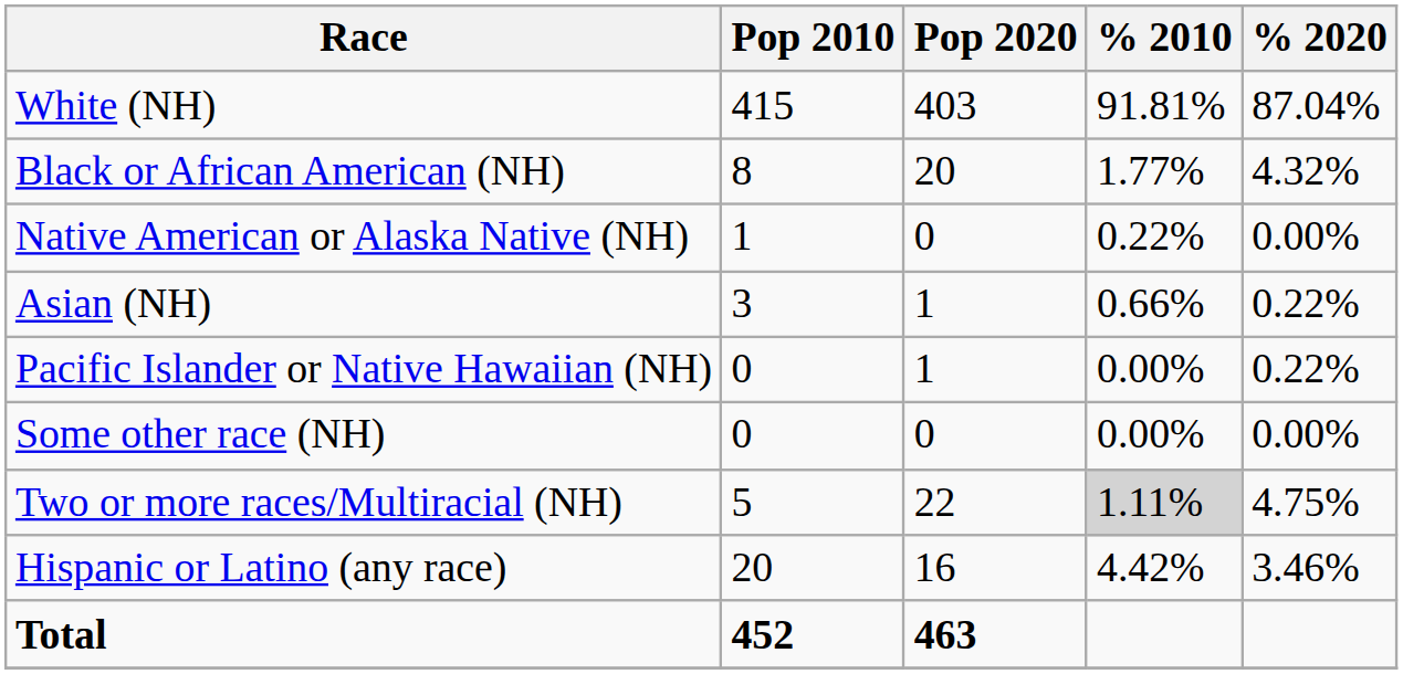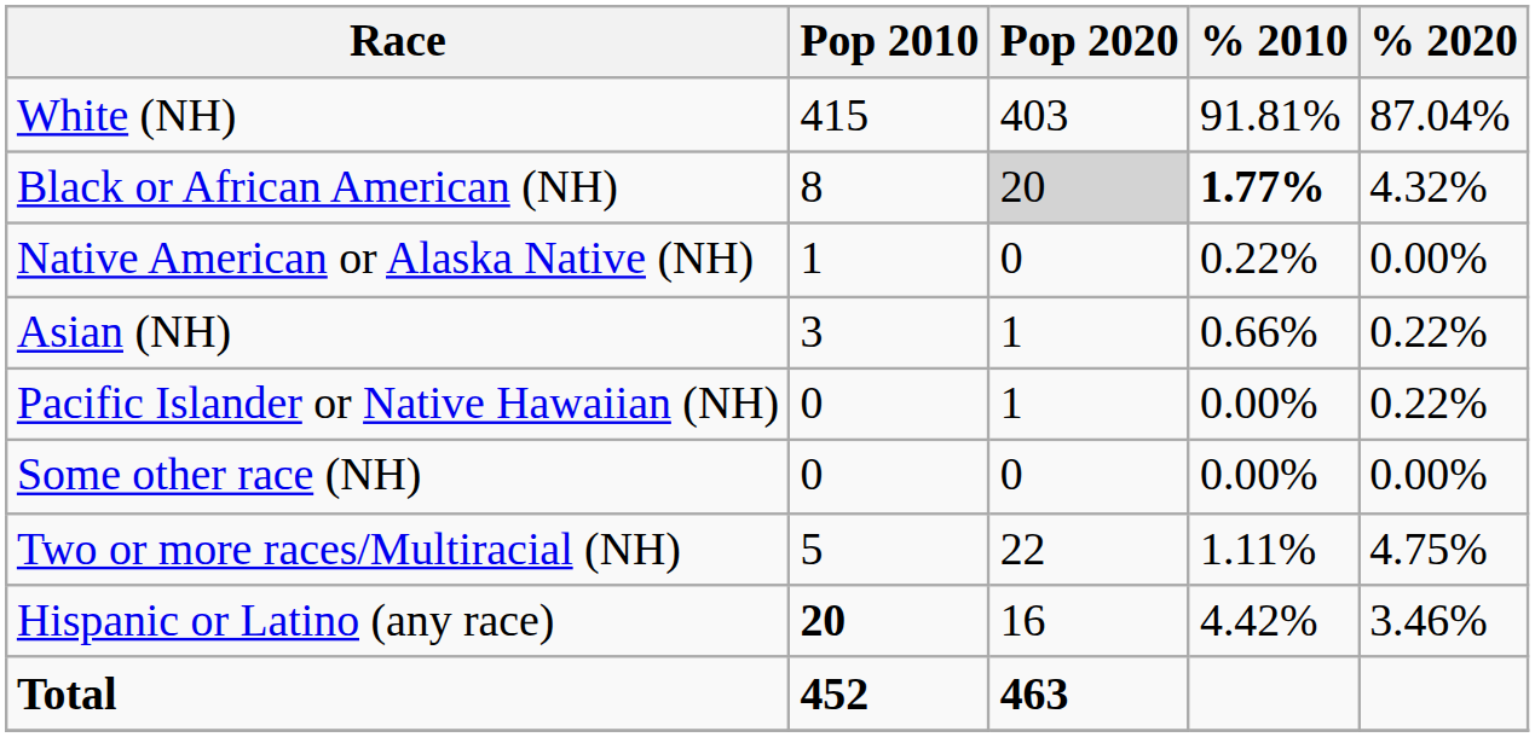 <table class="wikitable">
 <tr>
 <th>Race</th>
 <th>Pop 2010</th>
 <th>Pop 2020</th>
 <th>% 2010</th>
 <th>% 2020</th>
 </tr>
 <tr>
 <td><a href='#'>White</a> (NH)</td>
 <td>415</td>
 <td>403</td>
 <td>91.81%</td>
 <td>87.04%</td>
 </tr>
 <tr>
 <td><a href='#'>Black or African American</a> (NH)</td>
 <td>8</td>
-<td>20</td>
-<td>1.77%</td>
+<td style="background: lightgrey;">20</td>
+<td><strong>1.77%</strong></td>
 <td>4.32%</td>
 </tr>
 <tr>
 <td><a href='#'>Native American</a> or <a href='#'>Alaska Native</a> (NH)</td>
 <td>1</td>
 <td>0</td>
 <td>0.22%</td>
 <td>0.00%</td>
 </tr>
 <tr>
 <td><a href='#'>Asian</a> (NH)</td>
 <td>3</td>
 <td>1</td>
 <td>0.66%</td>
 <td>0.22%</td>
 </tr>
 <tr>
 <td><a href='#'>Pacific Islander</a> or <a href='#'>Native Hawaiian</a> (NH)</td>
 <td>0</td>
 <td>1</td>
 <td>0.00%</td>
 <td>0.22%</td>
 </tr>
 <tr>
 <td><a href='#'>Some other race</a> (NH)</td>
 <td>0</td>
 <td>0</td>
 <td>0.00%</td>
 <td>0.00%</td>
 </tr>
 <tr>
 <td><a href='#'>Two or more races/Multiracial</a> (NH)</td>
 <td>5</td>
 <td>22</td>
-<td style="background: lightgrey;">1.11%</td>
+<td>1.11%</td>
 <td>4.75%</td>
 </tr>
 <tr>
 <td><a href='#'>Hispanic or Latino</a> (any race)</td>
-<td>20</td>
+<td><strong>20</strong></td>
 <td>16</td>
 <td>4.42%</td>
 <td>3.46%</td>
 </tr>
 <tr>
 <td><strong>Total</strong></td>
 <td><strong>452</strong></td>
 <td><strong>463</strong></td>
 <td></td>
 <td></td>
 </tr>
 <tr>
 </tr>
 </table>
